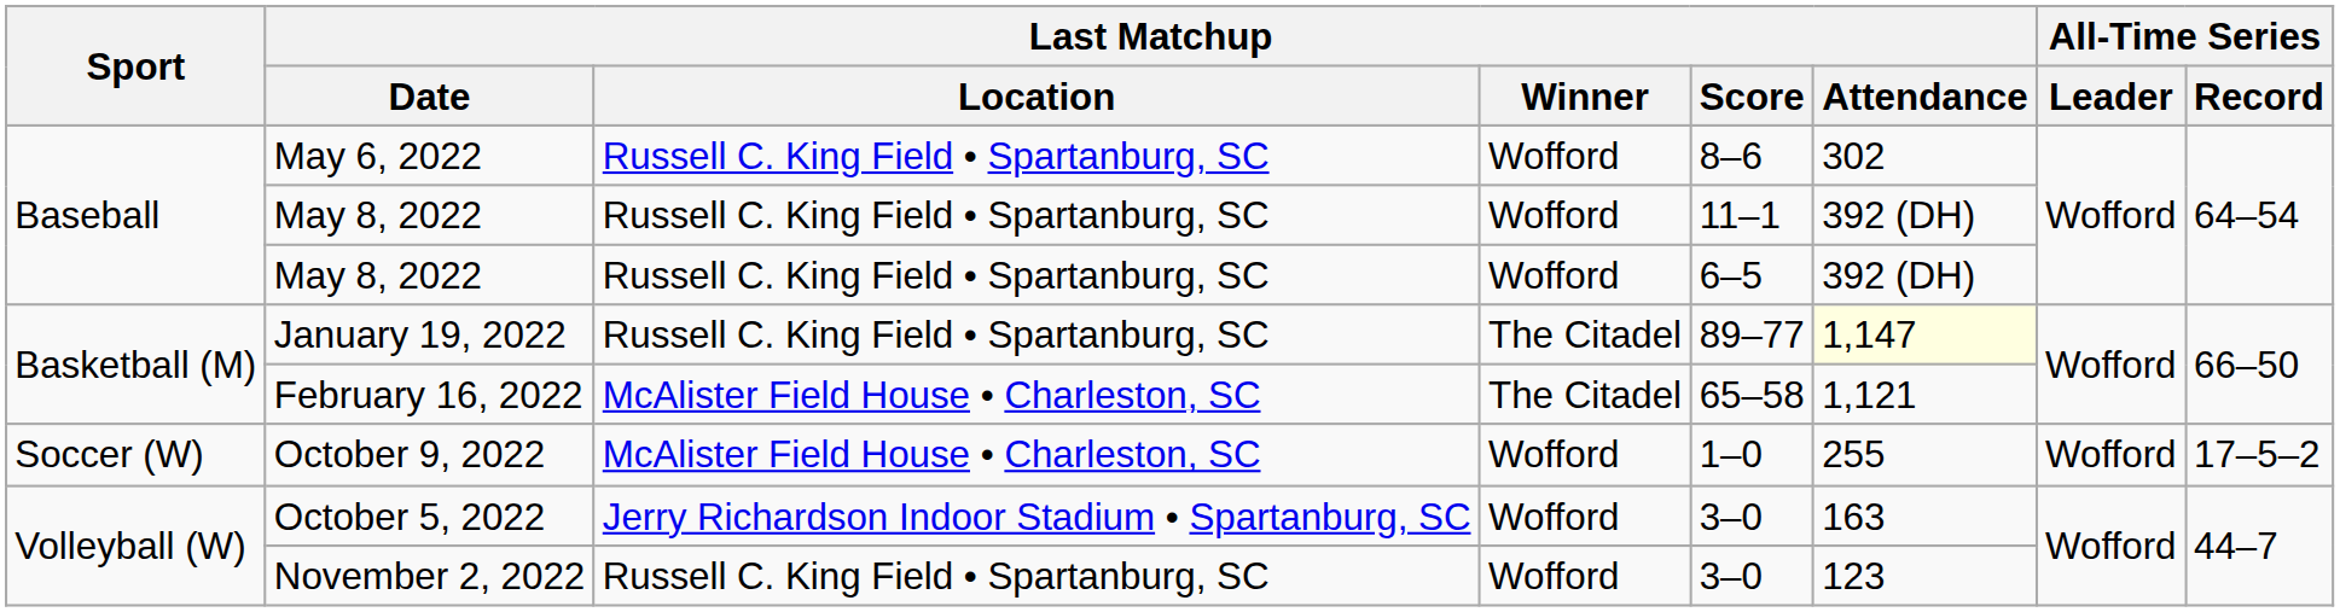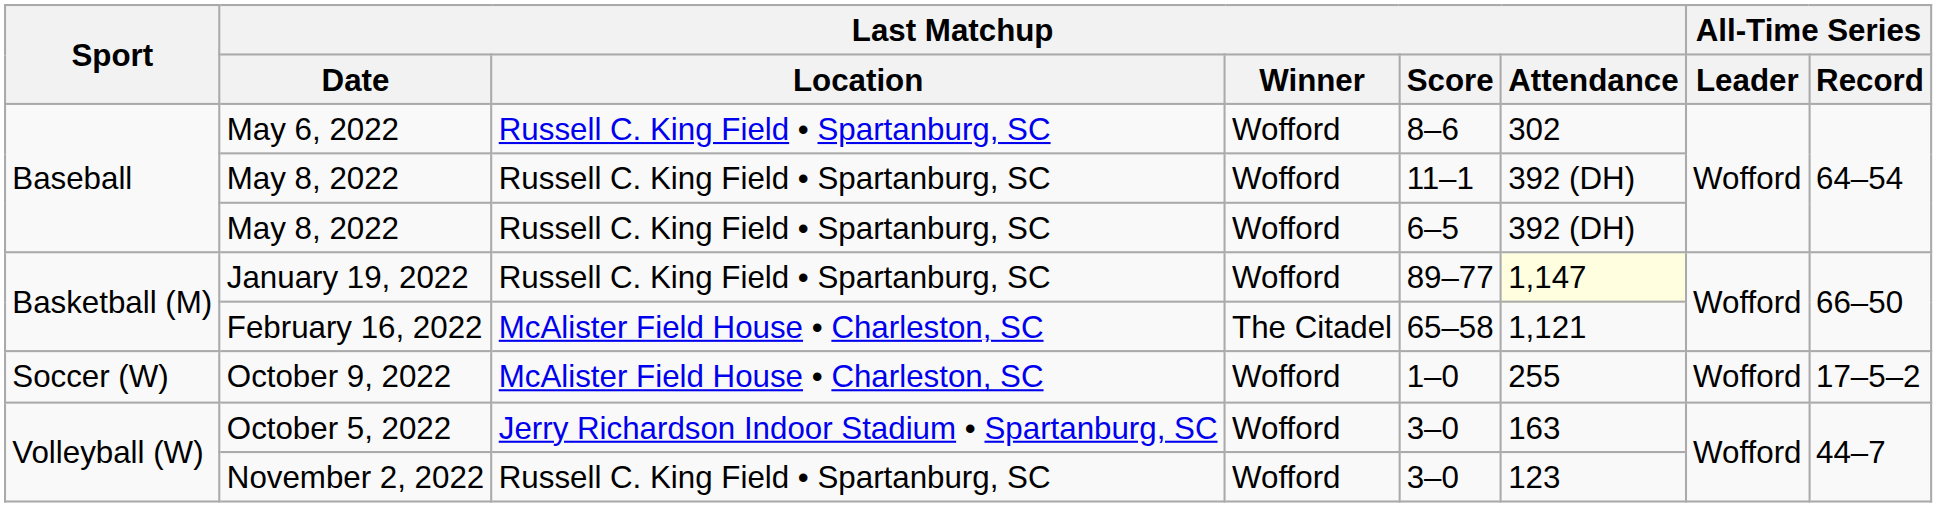 <table class="wikitable" style="text-align:left; font-size: 95%;">
 <tr>
 <th rowspan=2>Sport</th>
 <th colspan=5>Last Matchup</th>
 <th colspan=2>All-Time Series</th>
 </tr>
 <tr>
 <th>Date</th>
 <th>Location</th>
 <th>Winner</th>
 <th>Score</th>
 <th>Attendance</th>
 <th>Leader</th>
 <th>Record</th>
 </tr>
 <tr>
 <td rowspan=3>Baseball</td>
 <td>May 6, 2022</td>
 <td><a href='#'>Russell C. King Field</a> • <a href='#'>Spartanburg, SC</a></td>
 <td>Wofford</td>
 <td>8–6</td>
 <td>302</td>
 <td rowspan=3>Wofford</td>
 <td rowspan=3>64–54</td>
 </tr>
 <tr>
 <td>May 8, 2022</td>
 <td>Russell C. King Field • Spartanburg, SC</td>
 <td>Wofford</td>
 <td>11–1</td>
 <td>392 (DH)</td>
 </tr>
 <tr>
 <td>May 8, 2022</td>
 <td>Russell C. King Field • Spartanburg, SC</td>
 <td>Wofford</td>
 <td>6–5</td>
 <td>392 (DH)</td>
 </tr>
 <tr>
 <td rowspan=2>Basketball (M)</td>
 <td>January 19, 2022</td>
 <td>Russell C. King Field • Spartanburg, SC</td>
-<td>The Citadel</td>
+<td>Wofford</td>
 <td>89–77</td>
 <td style="background: lightyellow;">1,147</td>
 <td rowspan=2>Wofford</td>
 <td rowspan=2>66–50</td>
 </tr>
 <tr>
 <td>February 16, 2022</td>
 <td><a href='#'>McAlister Field House</a> • <a href='#'>Charleston, SC</a></td>
 <td>The Citadel</td>
 <td>65–58</td>
 <td>1,121</td>
 </tr>
 <tr>
 <td>Soccer (W)</td>
 <td>October 9, 2022</td>
 <td><a href='#'>McAlister Field House</a> • <a href='#'>Charleston, SC</a></td>
 <td>Wofford</td>
 <td>1–0</td>
 <td>255</td>
 <td>Wofford</td>
 <td>17–5–2</td>
 </tr>
 <tr>
 <td rowspan=2>Volleyball (W)</td>
 <td>October 5, 2022</td>
 <td><a href='#'>Jerry Richardson Indoor Stadium</a> • <a href='#'>Spartanburg, SC</a></td>
 <td>Wofford</td>
 <td>3–0</td>
 <td>163</td>
 <td rowspan=2>Wofford</td>
 <td rowspan=2>44–7</td>
 </tr>
 <tr>
 <td>November 2, 2022</td>
 <td>Russell C. King Field • Spartanburg, SC</td>
 <td>Wofford</td>
 <td>3–0</td>
 <td>123</td>
 </tr>
 </table>
